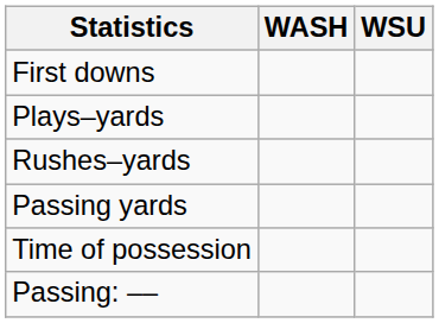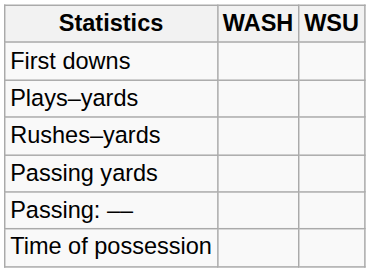 <table class="wikitable" style="float:left">
 <tr>
 <th>Statistics</th>
 <th>WASH</th>
 <th>WSU</th>
 </tr>
 <tr>
 <td>First downs</td>
 <td></td>
 <td></td>
 </tr>
 <tr>
 <td>Plays–yards</td>
 <td></td>
 <td></td>
 </tr>
 <tr>
 <td>Rushes–yards</td>
 <td></td>
 <td></td>
 </tr>
 <tr>
 <td>Passing yards</td>
 <td></td>
 <td></td>
 </tr>
 <tr>
+<td>Passing: ––</td>
+<td></td>
+<td></td>
+</tr>
+<tr>
 <td>Time of possession</td>
 <td></td>
 <td></td>
 </tr>
-<tr>
-<td>Passing: ––</td>
-<td></td>
-<td></td>
-</tr>
 </table>
